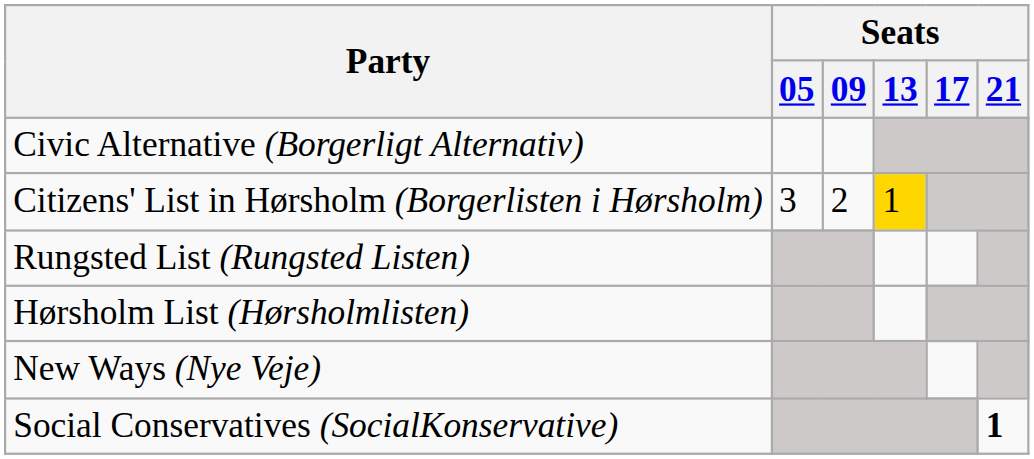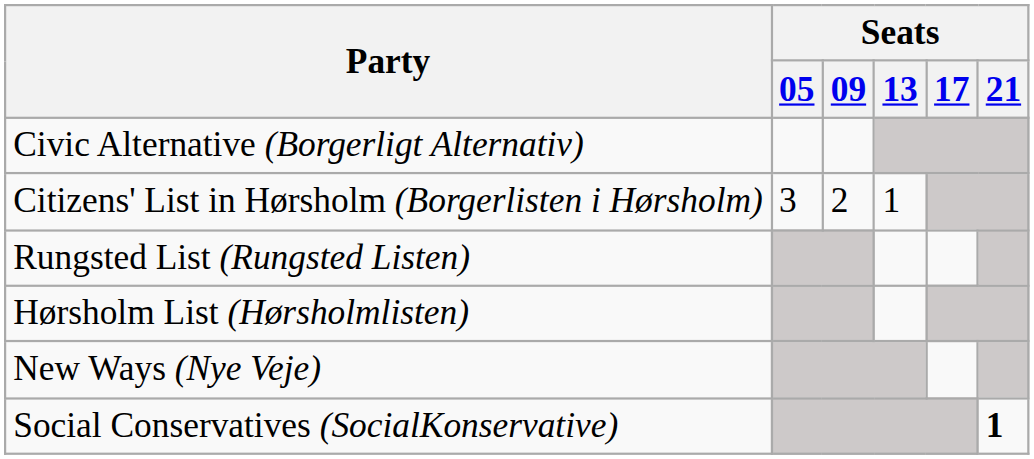 <table class="wikitable">
 <tr>
 <th rowspan=2>Party</th>
 <th colspan=11>Seats</th>
 </tr>
 <tr>
 <th><a href='#'>05</a></th>
 <th><a href='#'>09</a></th>
 <th><a href='#'>13</a></th>
 <th><a href='#'>17</a></th>
 <th><a href='#'>21</a></th>
 </tr>
 <tr>
 <td>Civic Alternative <em>(Borgerligt Alternativ)</em></td>
 <td></td>
 <td></td>
 <td style="background:#CDC9C9;" colspan=3></td>
 </tr>
 <tr>
 <td>Citizens' List in Hørsholm <em>(Borgerlisten i Hørsholm)</em></td>
 <td>3</td>
 <td>2</td>
-<td style="background: gold;">1</td>
+<td>1</td>
 <td style="background:#CDC9C9;" colspan=2></td>
 </tr>
 <tr>
 <td>Rungsted List <em>(Rungsted Listen)</em></td>
 <td style="background:#CDC9C9;" colspan=2></td>
 <td></td>
 <td></td>
 <td style="background:#CDC9C9;"></td>
 </tr>
 <tr>
 <td>Hørsholm List <em>(Hørsholmlisten)</em></td>
 <td style="background:#CDC9C9;" colspan=2></td>
 <td></td>
 <td style="background:#CDC9C9;" colspan=2></td>
 </tr>
 <tr>
 <td>New Ways <em>(Nye Veje)</em></td>
 <td style="background:#CDC9C9;" colspan=3></td>
 <td></td>
 <td style="background:#CDC9C9;"></td>
 </tr>
 <tr>
 <td>Social Conservatives <em>(SocialKonservative)</em></td>
 <td style="background:#CDC9C9;" colspan=4></td>
 <td><strong>1</strong></td>
 </tr>
 </table>
